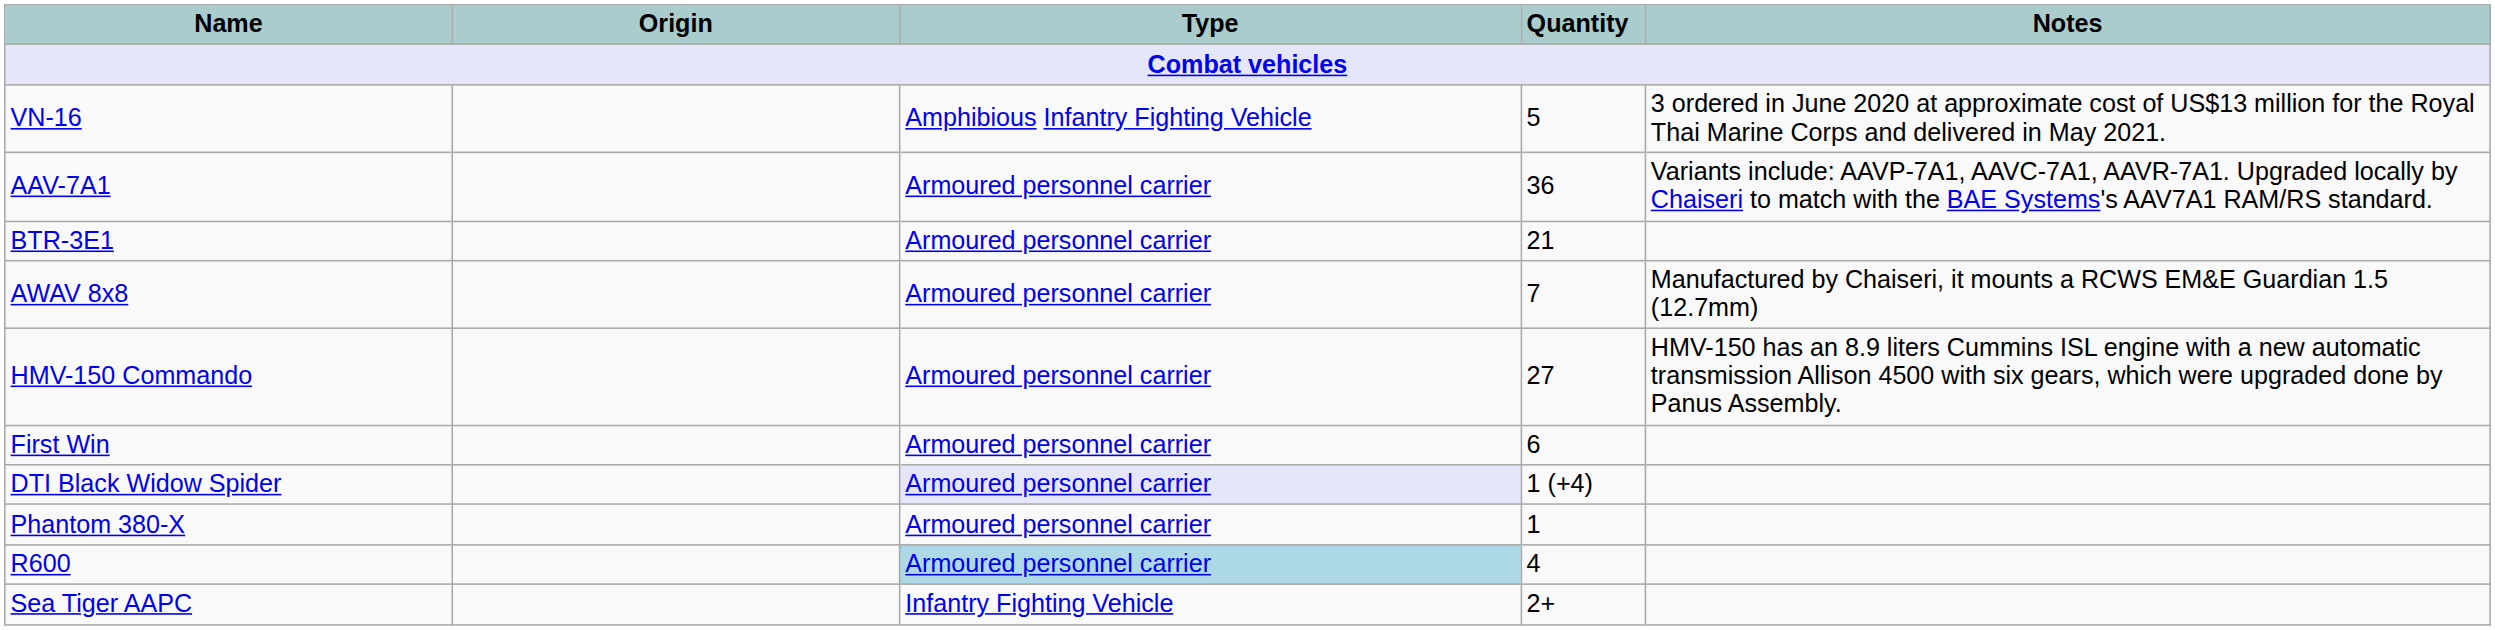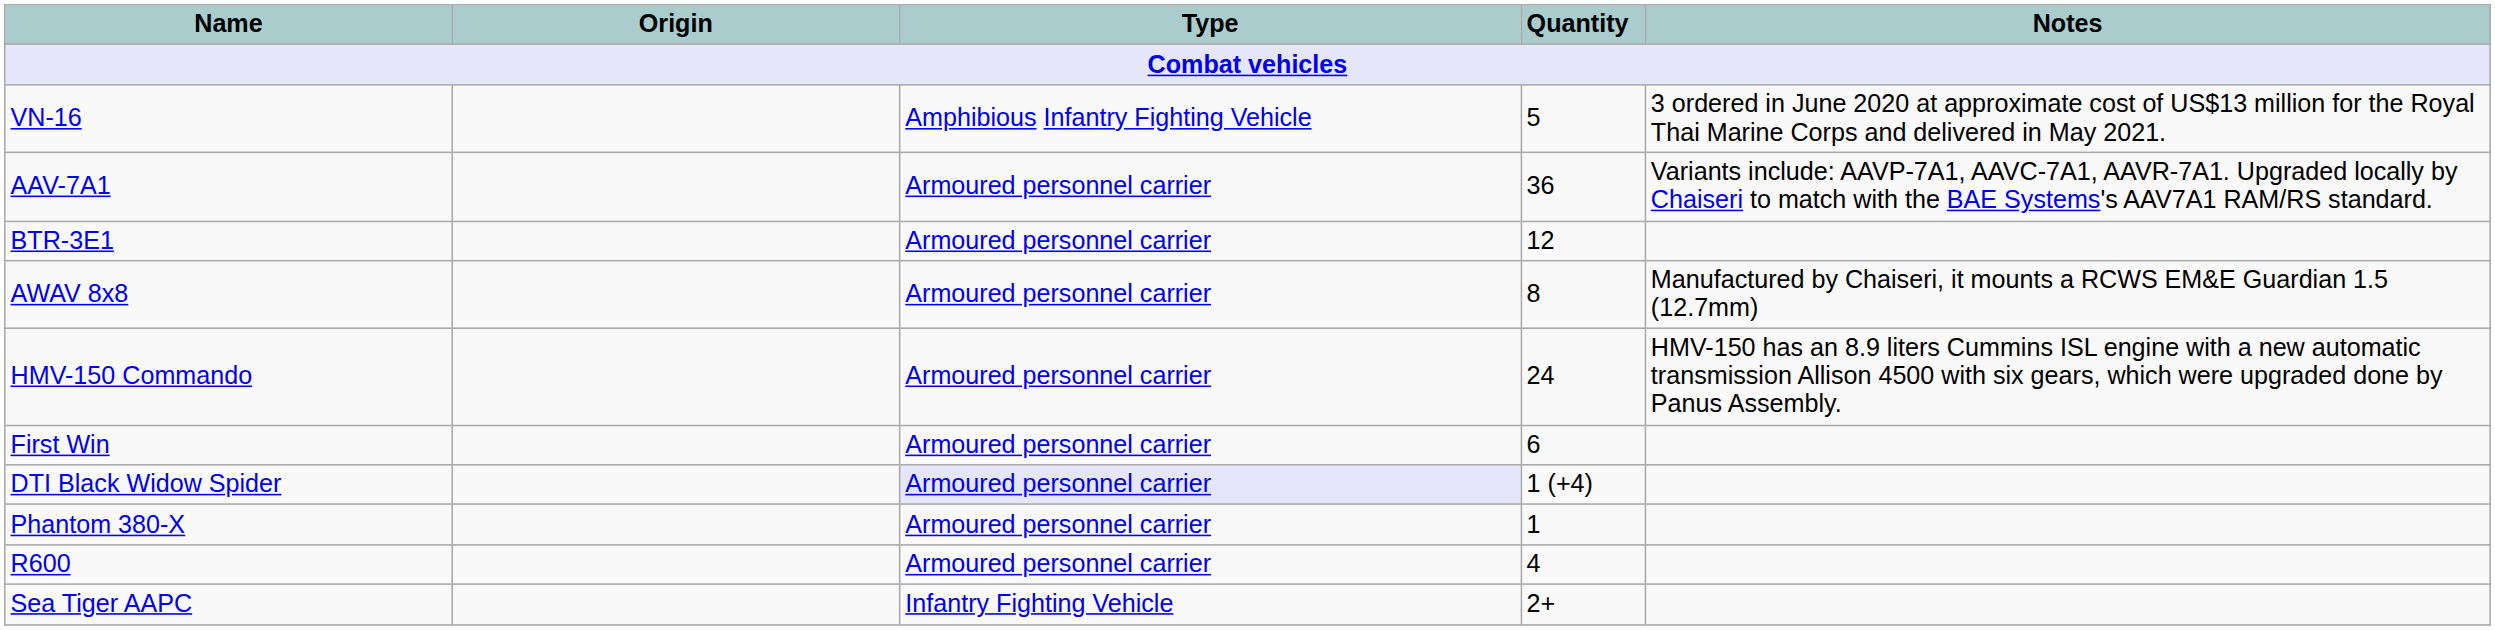 <table class="wikitable";" width="100%">
 <tr>
 <th style="text-align:center; background:#acc;"width="18%">Name</th>
 <th style="text-align: center; background:#acc;"width="18%">Origin</th>
 <th style="text-align:l center; background:#acc;"width="25%">Type</th>
 <th style="text-align:left; background:#acc;"width="5%">Quantity</th>
 <th style="text-align: center; background:#acc;">Notes</th>
 </tr>
 <tr>
 <th style="align: center; background: lavender;" colspan="7"><a href='#'>Combat vehicles</a></th>
 </tr>
 <tr>
 <td><a href='#'>VN-16</a></td>
 <td></td>
 <td><a href='#'>Amphibious</a> <a href='#'>Infantry Fighting Vehicle</a></td>
 <td>5</td>
 <td>3 ordered in June 2020 at approximate cost of US$13 million for the Royal Thai Marine Corps and delivered in May 2021.</td>
 </tr>
 <tr>
 <td><a href='#'>AAV-7A1</a></td>
 <td></td>
 <td><a href='#'>Armoured personnel carrier</a></td>
 <td>36</td>
 <td>Variants include: AAVP-7A1, AAVC-7A1, AAVR-7A1. Upgraded locally by <a href='#'>Chaiseri</a> to match with the <a href='#'>BAE Systems</a>'s AAV7A1 RAM/RS standard.</td>
 </tr>
 <tr>
 <td><a href='#'>BTR-3E1</a></td>
 <td></td>
 <td><a href='#'>Armoured personnel carrier</a></td>
-<td>21</td>
+<td>12</td>
 <td></td>
 </tr>
 <tr>
 <td><a href='#'>AWAV 8x8</a></td>
 <td></td>
 <td><a href='#'>Armoured personnel carrier</a></td>
-<td>7</td>
+<td>8</td>
 <td>Manufactured by Chaiseri, it mounts a RCWS EM&E Guardian 1.5 (12.7mm)</td>
 </tr>
 <tr>
 <td><a href='#'>HMV-150 Commando</a></td>
 <td></td>
 <td><a href='#'>Armoured personnel carrier</a></td>
-<td>27</td>
+<td>24</td>
 <td>HMV-150 has an 8.9 liters Cummins ISL engine with a new automatic transmission Allison 4500 with six gears, which were upgraded done by Panus Assembly.</td>
 </tr>
 <tr>
 <td><a href='#'>First Win</a></td>
 <td></td>
 <td><a href='#'>Armoured personnel carrier</a></td>
 <td>6</td>
 <td></td>
 </tr>
 <tr>
 <td><a href='#'>DTI Black Widow Spider</a></td>
 <td></td>
 <td style="background: lavender;"><a href='#'>Armoured personnel carrier</a></td>
 <td>1 (+4)</td>
 <td></td>
 </tr>
 <tr>
 <td><a href='#'>Phantom 380-X</a></td>
 <td></td>
 <td><a href='#'>Armoured personnel carrier</a></td>
 <td>1</td>
 <td></td>
 </tr>
 <tr>
 <td><a href='#'>R600</a></td>
 <td></td>
-<td style="background: lightblue;"><a href='#'>Armoured personnel carrier</a></td>
+<td><a href='#'>Armoured personnel carrier</a></td>
 <td>4</td>
 <td></td>
 </tr>
 <tr>
 <td><a href='#'>Sea Tiger AAPC</a></td>
 <td></td>
 <td><a href='#'>Infantry Fighting Vehicle</a></td>
 <td>2+</td>
 <td></td>
 </tr>
 </table>
